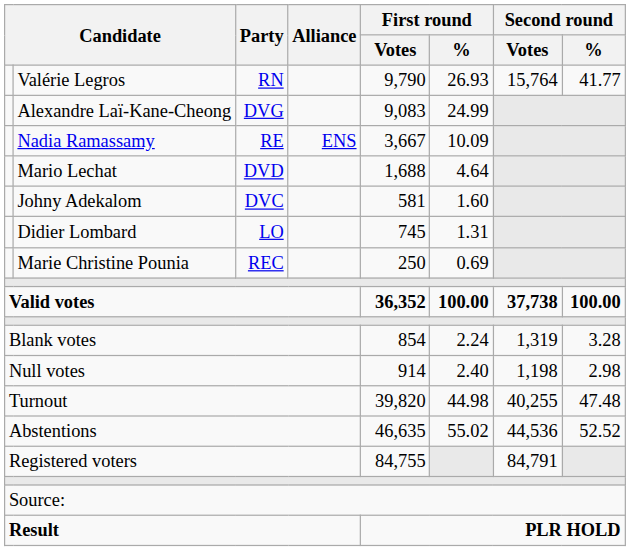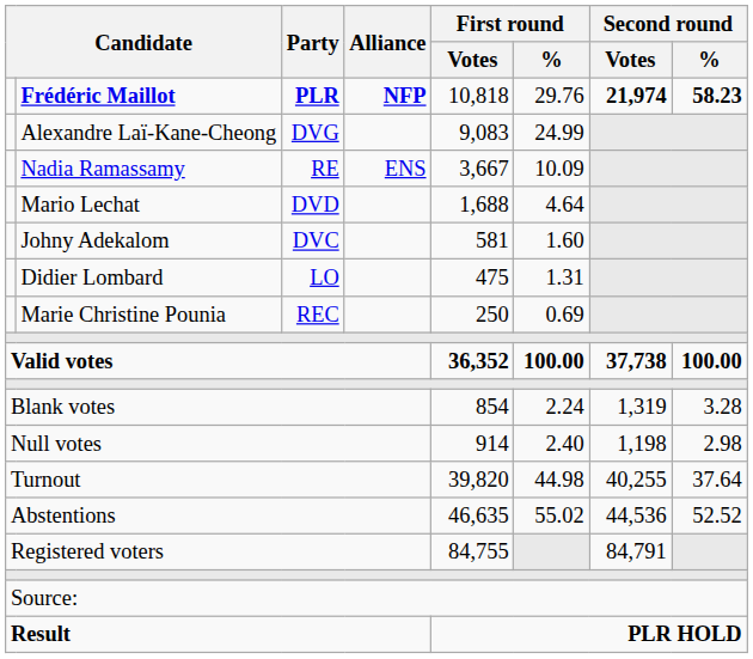 <table class="wikitable" style="text-align:right;font-size:95%;">
 <tr>
 <th colspan="2" rowspan="2">Candidate</th>
 <th colspan="1" rowspan="2">Party</th>
 <th colspan="1" rowspan="2">Alliance</th>
 <th colspan="2">First round</th>
 <th colspan="2">Second round</th>
 </tr>
 <tr>
 <th style="width:50px;">Votes</th>
 <th style="width:45px;">%</th>
 <th style="width:50px;">Votes</th>
 <th style="width:45px;">%</th>
 </tr>
 <tr>
 <td style="color:inherit;background:"></td>
-<td style="text-align:left;">Valérie Legros</td>
-<td><a href='#'>RN</a></td>
-<td></td>
-<td>9,790</td>
-<td>26.93</td>
-<td>15,764</td>
-<td>41.77</td>
+<td style="text-align:left;"><strong><a href='#'>Frédéric Maillot</a></strong></td>
+<td><strong><a href='#'>PLR</a></strong></td>
+<td><a href='#'><strong>NFP</strong></a></td>
+<td>10,818</td>
+<td>29.76</td>
+<td><strong>21,974</strong></td>
+<td><strong>58.23</strong></td>
 </tr>
 <tr>
 <td style="color:inherit;background:"></td>
 <td style="text-align:left;">Alexandre Laï-Kane-Cheong</td>
 <td><a href='#'>DVG</a></td>
 <td></td>
 <td>9,083</td>
 <td>24.99</td>
 <td colspan="2" rowspan="1" style="background:#E9E9E9;"></td>
 </tr>
 <tr>
 <td style="color:inherit;background:"></td>
 <td style="text-align:left;"><a href='#'>Nadia Ramassamy</a></td>
 <td><a href='#'>RE</a></td>
 <td><a href='#'>ENS</a></td>
 <td>3,667</td>
 <td>10.09</td>
 <td colspan="2" rowspan="1" style="background:#E9E9E9;"></td>
 </tr>
 <tr>
 <td style="color:inherit;background:"></td>
 <td style="text-align:left;">Mario Lechat</td>
 <td><a href='#'>DVD</a></td>
 <td></td>
 <td>1,688</td>
 <td>4.64</td>
 <td colspan="2" rowspan="1" style="background:#E9E9E9;"></td>
 </tr>
 <tr>
 <td style="color:inherit;background:"></td>
 <td style="text-align:left;">Johny Adekalom</td>
 <td><a href='#'>DVC</a></td>
 <td></td>
 <td>581</td>
 <td>1.60</td>
 <td colspan="2" rowspan="1" style="background:#E9E9E9;"></td>
 </tr>
 <tr>
 <td style="color:inherit;background:"></td>
 <td style="text-align:left;">Didier Lombard</td>
 <td><a href='#'>LO</a></td>
 <td></td>
-<td>745</td>
+<td>475</td>
 <td>1.31</td>
 <td colspan="2" style="background:#E9E9E9;"></td>
 </tr>
 <tr>
 <td style="color:inherit;background:"></td>
 <td style="text-align:left;">Marie Christine Pounia</td>
 <td><a href='#'>REC</a></td>
 <td></td>
 <td>250</td>
 <td>0.69</td>
 <td colspan="2" style="background:#E9E9E9;"></td>
 </tr>
 <tr>
 <td colspan="8" style="background:#E9E9E9;"></td>
 </tr>
 <tr style="font-weight:bold;">
 <td colspan="4" style="text-align:left;">Valid votes</td>
 <td>36,352</td>
 <td>100.00</td>
 <td>37,738</td>
 <td>100.00</td>
 </tr>
 <tr>
 <td colspan="8" style="background:#E9E9E9;"></td>
 </tr>
 <tr>
 <td colspan="4" style="text-align:left;">Blank votes</td>
 <td>854</td>
 <td>2.24</td>
 <td>1,319</td>
 <td>3.28</td>
 </tr>
 <tr>
 <td colspan="4" style="text-align:left;">Null votes</td>
 <td>914</td>
 <td>2.40</td>
 <td>1,198</td>
 <td>2.98</td>
 </tr>
 <tr>
 <td colspan="4" style="text-align:left;">Turnout</td>
 <td>39,820</td>
 <td>44.98</td>
 <td>40,255</td>
-<td>47.48</td>
+<td>37.64</td>
 </tr>
 <tr>
 <td colspan="4" style="text-align:left;">Abstentions</td>
 <td>46,635</td>
 <td>55.02</td>
 <td>44,536</td>
 <td>52.52</td>
 </tr>
 <tr>
 <td colspan="4" style="text-align:left;">Registered voters</td>
 <td>84,755</td>
 <td style="background:#E9E9E9;"></td>
 <td>84,791</td>
 <td style="background:#E9E9E9;"></td>
 </tr>
 <tr>
 <td colspan="8" style="background:#E9E9E9;"></td>
 </tr>
 <tr>
 <td colspan="8" style="text-align:left;">Source: </td>
 </tr>
 <tr style="font-weight:bold">
 <td colspan="4" style="text-align:left;">Result</td>
 <td colspan="4" style="background-color:">PLR HOLD</td>
 </tr>
 </table>
